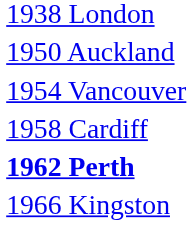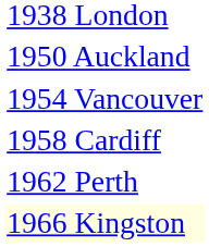 <table>
 <tr>
 <td><a href='#'>1938 London</a><br></td>
 <td></td>
 <td></td>
 <td></td>
 </tr>
 <tr>
 <td><a href='#'>1950 Auckland</a><br></td>
 <td></td>
 <td></td>
 <td></td>
 </tr>
 <tr>
 <td><a href='#'>1954 Vancouver</a><br></td>
 <td></td>
 <td></td>
 <td></td>
 </tr>
 <tr>
 <td><a href='#'>1958 Cardiff</a><br></td>
 <td></td>
 <td></td>
 <td></td>
 </tr>
 <tr>
-<td><strong><a href='#'>1962 Perth</a><br></strong></td>
+<td><a href='#'>1962 Perth</a><br></td>
 <td></td>
 <td></td>
 <td></td>
 </tr>
 <tr>
-<td><a href='#'>1966 Kingston</a><br></td>
+<td style="background: lightyellow;"><a href='#'>1966 Kingston</a><br></td>
 <td></td>
 <td></td>
 <td></td>
 </tr>
 </table>
